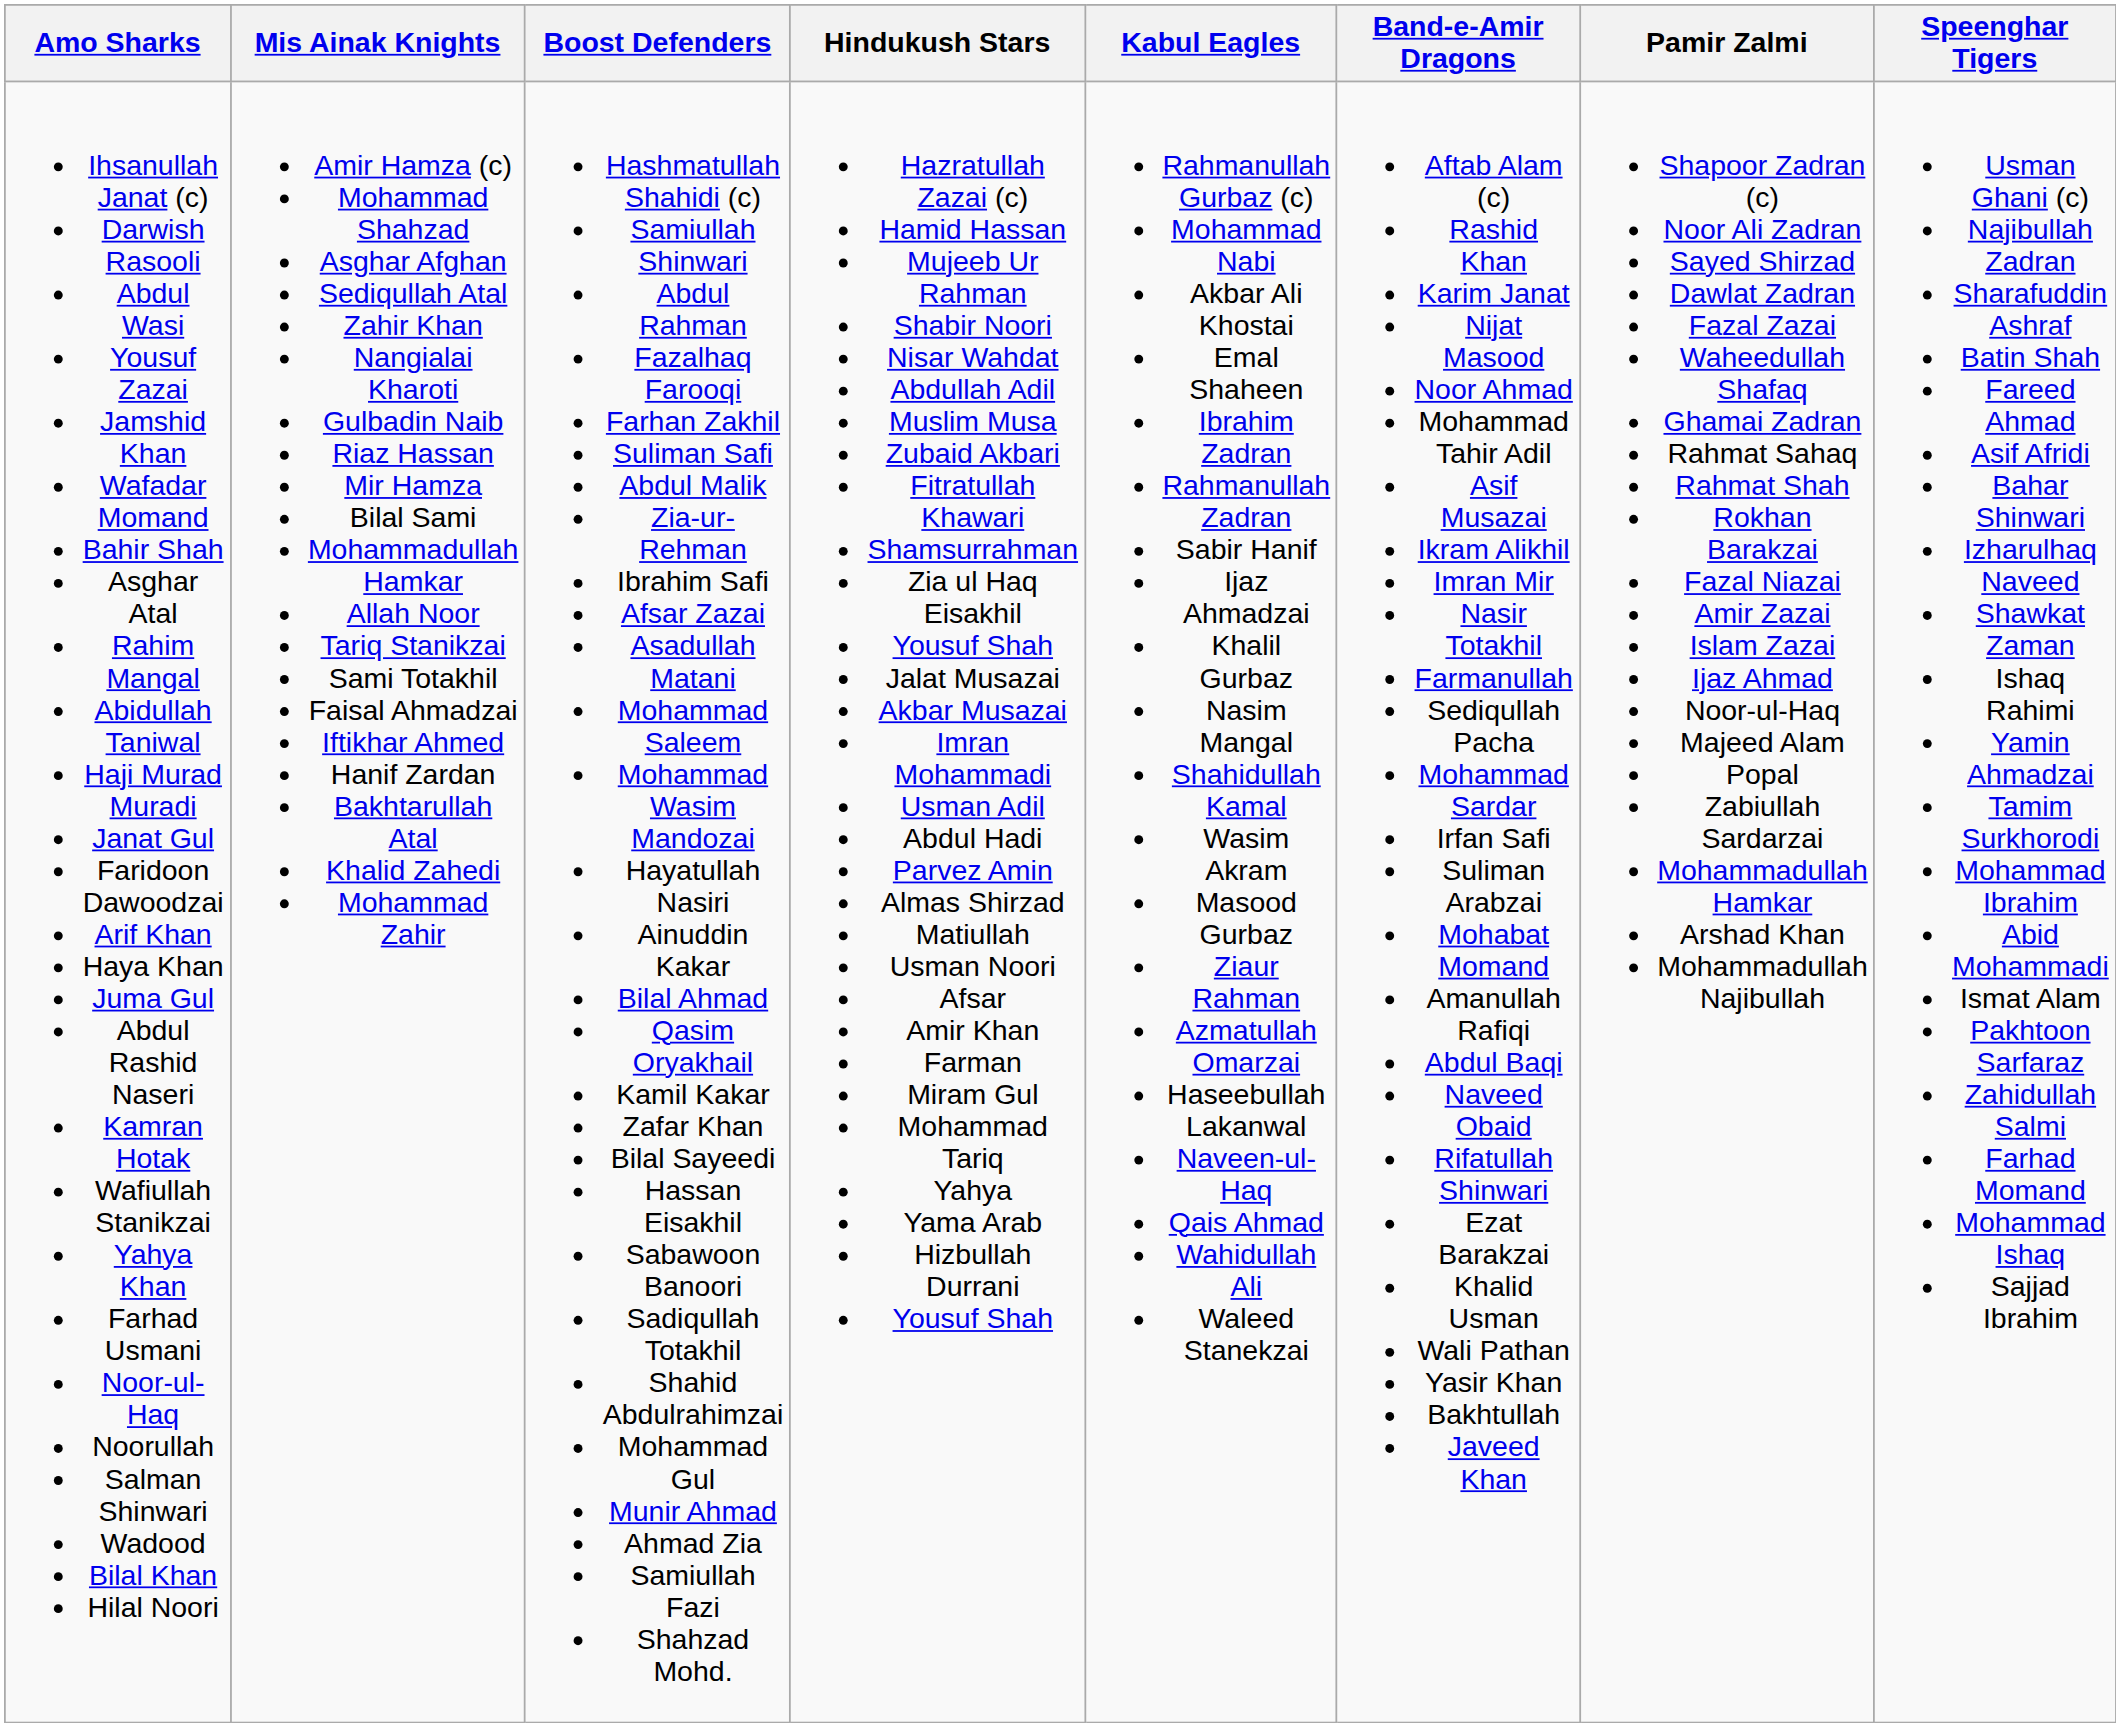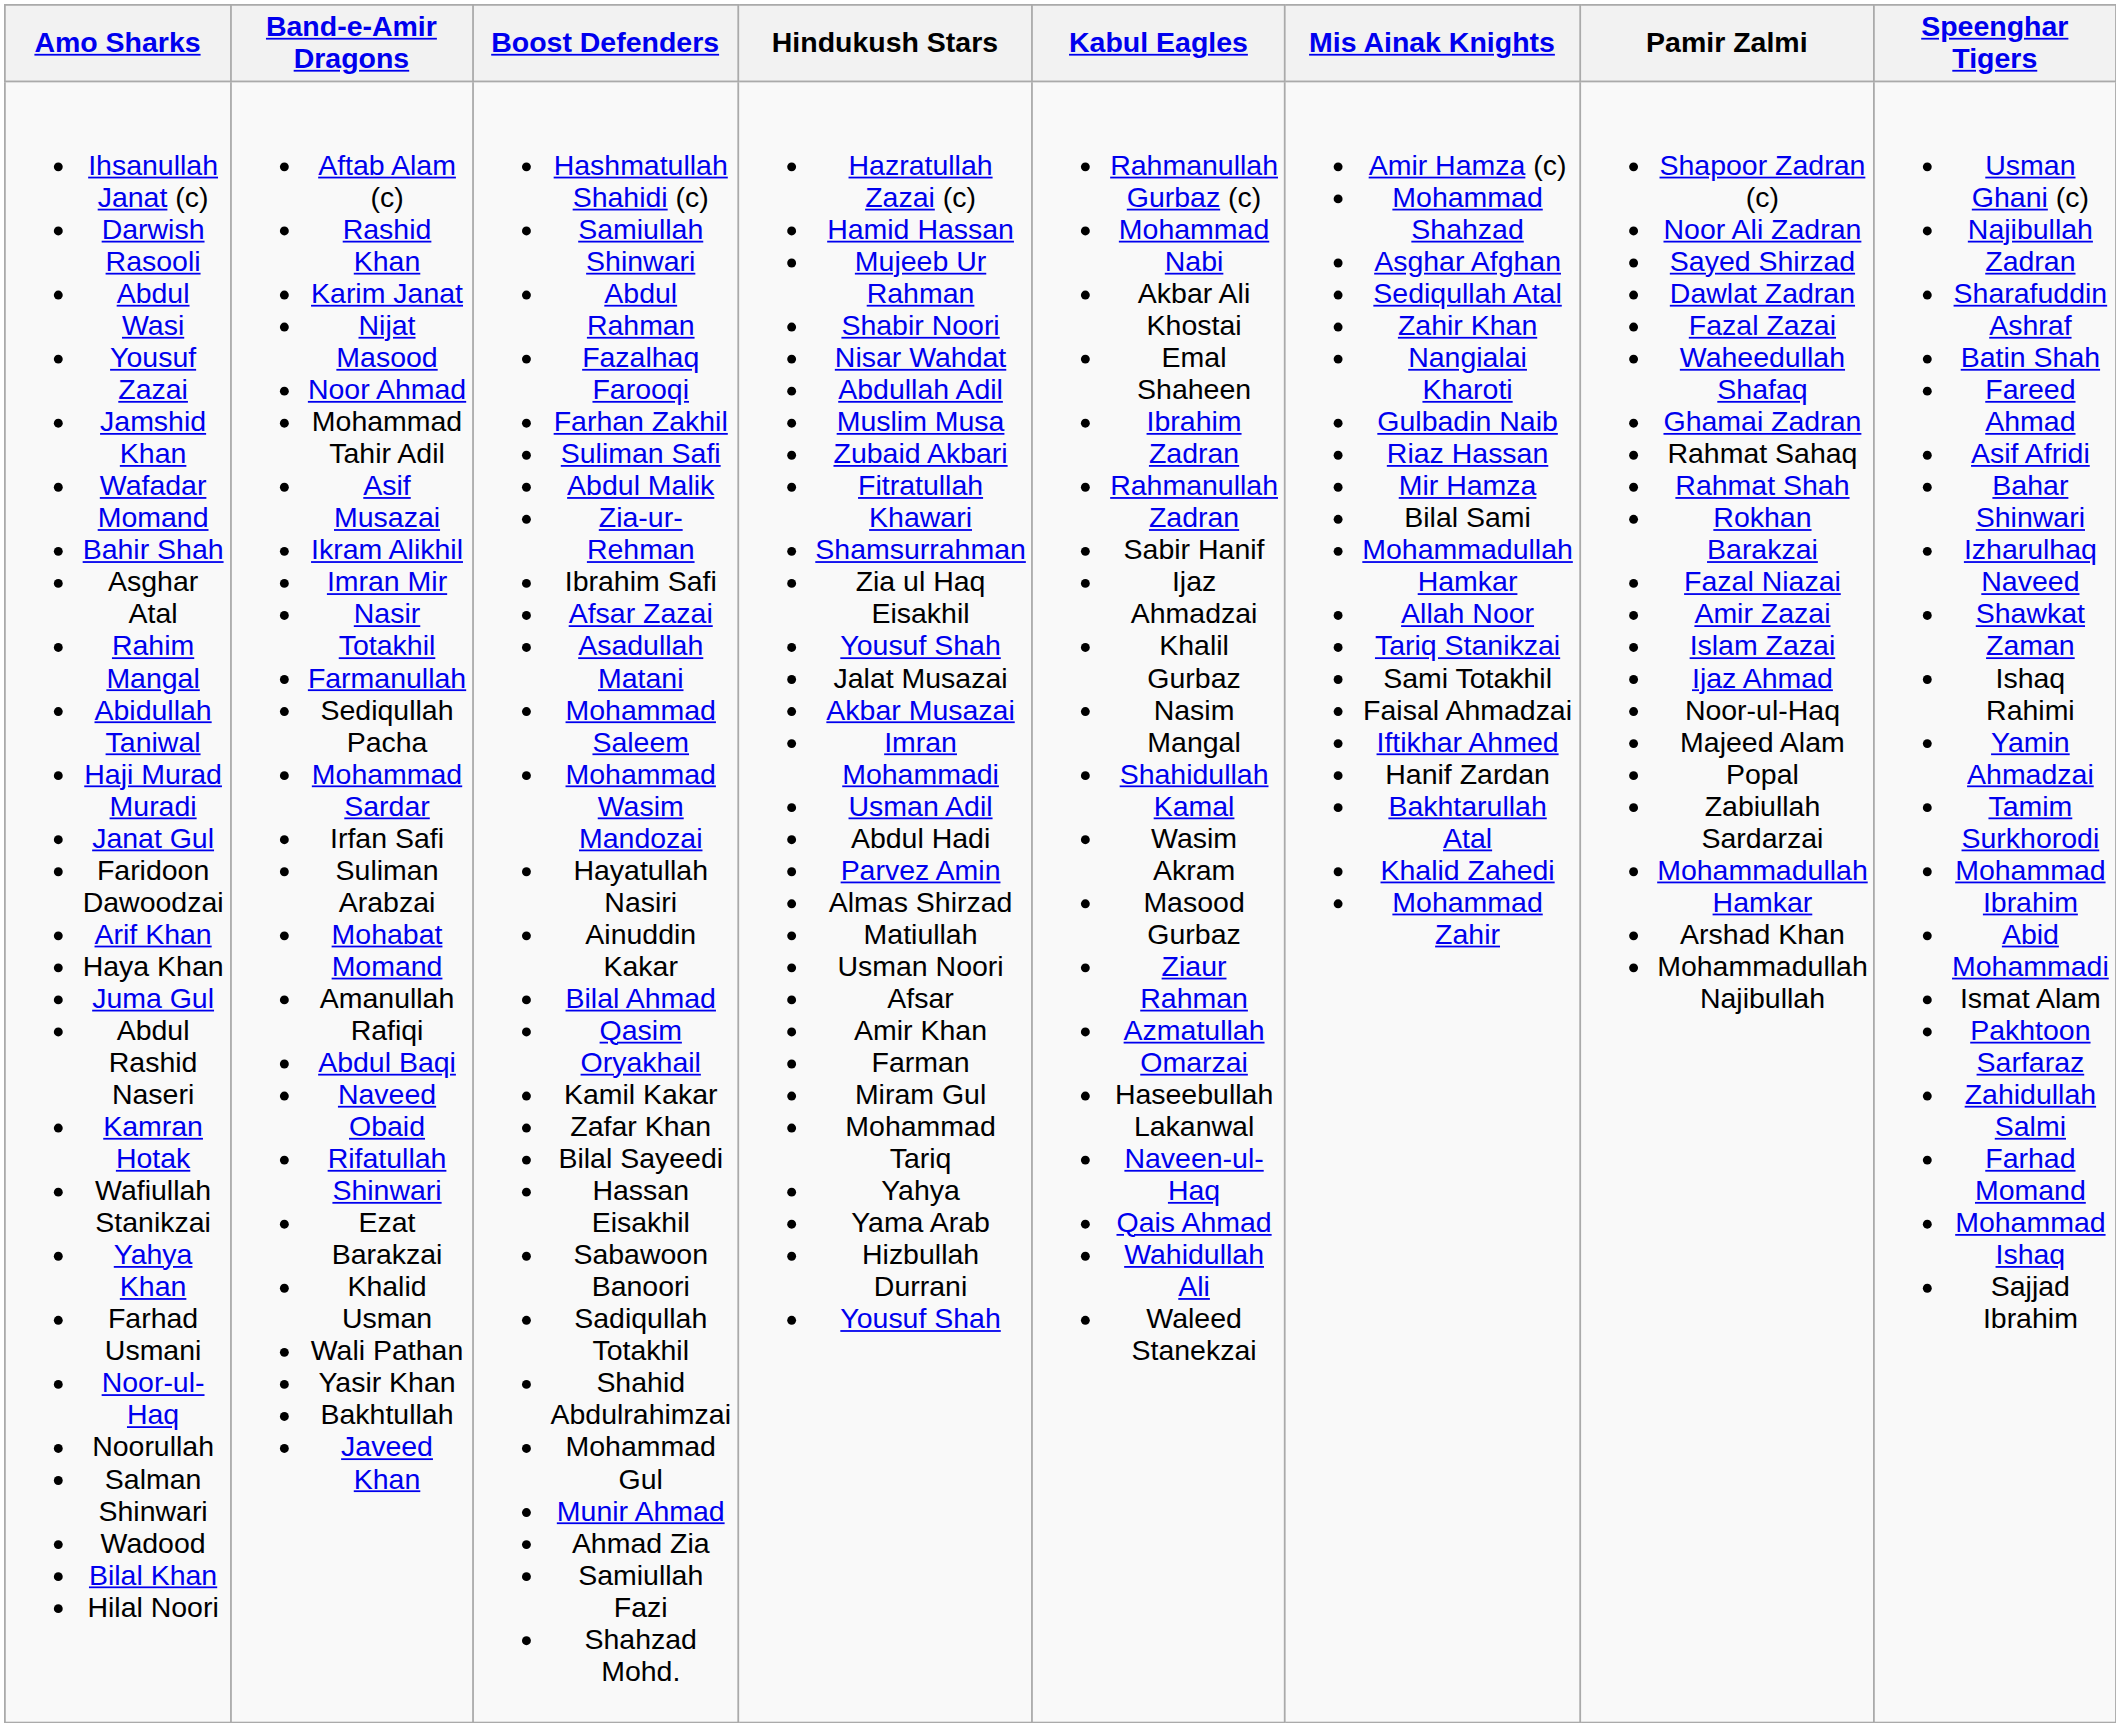 <table class="wikitable" style="text-align:center; margin:auto">
 <tr>
 <th><a href='#'>Amo Sharks</a></th>
-<th><a href='#'>Mis Ainak Knights</a></th>
+<th><a href='#'>Band-e-Amir Dragons</a></th>
 <th><a href='#'>Boost Defenders</a></th>
 <th>Hindukush Stars</th>
 <th><a href='#'>Kabul Eagles</a></th>
-<th><a href='#'>Band-e-Amir Dragons</a></th>
+<th><a href='#'>Mis Ainak Knights</a></th>
 <th>Pamir Zalmi</th>
 <th><a href='#'>Speenghar Tigers</a></th>
 </tr>
 <tr style="vertical-align:top">
 <td><br><ul><li><a href='#'>Ihsanullah Janat</a> (c)</li><li><a href='#'>Darwish Rasooli</a></li><li><a href='#'>Abdul Wasi</a></li><li><a href='#'>Yousuf Zazai</a></li><li><a href='#'>Jamshid Khan</a></li><li><a href='#'>Wafadar Momand</a></li><li><a href='#'>Bahir Shah</a></li><li>Asghar Atal</li><li><a href='#'>Rahim Mangal</a></li><li><a href='#'>Abidullah Taniwal</a></li><li><a href='#'>Haji Murad Muradi</a></li><li><a href='#'>Janat Gul</a></li><li>Faridoon Dawoodzai</li><li><a href='#'>Arif Khan</a></li><li>Haya Khan</li><li><a href='#'>Juma Gul</a></li><li>Abdul Rashid Naseri</li><li><a href='#'>Kamran Hotak</a></li><li>Wafiullah Stanikzai</li><li><a href='#'>Yahya Khan</a></li><li>Farhad Usmani</li><li><a href='#'>Noor-ul-Haq</a></li><li>Noorullah</li><li>Salman Shinwari</li><li>Wadood</li><li><a href='#'>Bilal Khan</a></li><li>Hilal Noori</li></ul></td>
-<td><br><ul><li><a href='#'>Amir Hamza</a> (c)</li><li><a href='#'>Mohammad Shahzad</a></li><li><a href='#'>Asghar Afghan</a></li><li><a href='#'>Sediqullah Atal</a></li><li><a href='#'>Zahir Khan</a></li><li><a href='#'>Nangialai Kharoti</a></li><li><a href='#'>Gulbadin Naib</a></li><li><a href='#'>Riaz Hassan</a></li><li><a href='#'>Mir Hamza</a></li><li>Bilal Sami</li><li><a href='#'>Mohammadullah Hamkar</a></li><li><a href='#'>Allah Noor</a></li><li><a href='#'>Tariq Stanikzai</a></li><li>Sami Totakhil</li><li>Faisal Ahmadzai</li><li><a href='#'>Iftikhar Ahmed</a></li><li>Hanif Zardan</li><li><a href='#'>Bakhtarullah Atal</a></li><li><a href='#'>Khalid Zahedi</a></li><li><a href='#'>Mohammad Zahir</a></li></ul></td>
+<td><br><ul><li><a href='#'>Aftab Alam</a> (c)</li><li><a href='#'>Rashid Khan</a></li><li><a href='#'>Karim Janat</a></li><li><a href='#'>Nijat Masood</a></li><li><a href='#'>Noor Ahmad</a></li><li>Mohammad Tahir Adil</li><li><a href='#'>Asif Musazai</a></li><li><a href='#'>Ikram Alikhil</a></li><li><a href='#'>Imran Mir</a></li><li><a href='#'>Nasir Totakhil</a></li><li><a href='#'>Farmanullah</a></li><li>Sediqullah Pacha</li><li><a href='#'>Mohammad Sardar</a></li><li>Irfan Safi</li><li>Suliman Arabzai</li><li><a href='#'>Mohabat Momand</a></li><li>Amanullah Rafiqi</li><li><a href='#'>Abdul Baqi</a></li><li><a href='#'>Naveed Obaid</a></li><li><a href='#'>Rifatullah Shinwari</a></li><li>Ezat Barakzai</li><li>Khalid Usman</li><li>Wali Pathan</li><li>Yasir Khan</li><li>Bakhtullah</li><li><a href='#'>Javeed Khan</a></li></ul></td>
 <td><br><ul><li><a href='#'>Hashmatullah Shahidi</a> (c)</li><li><a href='#'>Samiullah Shinwari</a></li><li><a href='#'>Abdul Rahman</a></li><li><a href='#'>Fazalhaq Farooqi</a></li><li><a href='#'>Farhan Zakhil</a></li><li><a href='#'>Suliman Safi</a></li><li><a href='#'>Abdul Malik</a></li><li><a href='#'>Zia-ur-Rehman</a></li><li>Ibrahim Safi</li><li><a href='#'>Afsar Zazai</a></li><li><a href='#'>Asadullah Matani</a></li><li><a href='#'>Mohammad Saleem</a></li><li><a href='#'>Mohammad Wasim Mandozai</a></li><li>Hayatullah Nasiri</li><li>Ainuddin Kakar</li><li><a href='#'>Bilal Ahmad</a></li><li><a href='#'>Qasim Oryakhail</a></li><li>Kamil Kakar</li><li>Zafar Khan</li><li>Bilal Sayeedi</li><li>Hassan Eisakhil</li><li>Sabawoon Banoori</li><li>Sadiqullah Totakhil</li><li>Shahid Abdulrahimzai</li><li>Mohammad Gul</li><li><a href='#'>Munir Ahmad</a></li><li>Ahmad Zia</li><li>Samiullah Fazi</li><li>Shahzad Mohd.</li></ul></td>
 <td><br><ul><li><a href='#'>Hazratullah Zazai</a> (c)</li><li><a href='#'>Hamid Hassan</a></li><li><a href='#'>Mujeeb Ur Rahman</a></li><li><a href='#'>Shabir Noori</a></li><li><a href='#'>Nisar Wahdat</a></li><li><a href='#'>Abdullah Adil</a></li><li><a href='#'>Muslim Musa</a></li><li><a href='#'>Zubaid Akbari</a></li><li><a href='#'>Fitratullah Khawari</a></li><li><a href='#'>Shamsurrahman</a></li><li>Zia ul Haq Eisakhil</li><li><a href='#'>Yousuf Shah</a></li><li>Jalat Musazai</li><li><a href='#'>Akbar Musazai</a></li><li><a href='#'>Imran Mohammadi</a></li><li><a href='#'>Usman Adil</a></li><li>Abdul Hadi</li><li><a href='#'>Parvez Amin</a></li><li>Almas Shirzad</li><li>Matiullah</li><li>Usman Noori</li><li>Afsar</li><li>Amir Khan</li><li>Farman</li><li>Miram Gul</li><li>Mohammad Tariq</li><li>Yahya</li><li>Yama Arab</li><li>Hizbullah Durrani</li><li><a href='#'>Yousuf Shah</a></li></ul></td>
 <td><br><ul><li><a href='#'>Rahmanullah Gurbaz</a> (c)</li><li><a href='#'>Mohammad Nabi</a></li><li>Akbar Ali Khostai</li><li>Emal Shaheen</li><li><a href='#'>Ibrahim Zadran</a></li><li><a href='#'>Rahmanullah Zadran</a></li><li>Sabir Hanif</li><li>Ijaz Ahmadzai</li><li>Khalil Gurbaz</li><li>Nasim Mangal</li><li><a href='#'>Shahidullah Kamal</a></li><li>Wasim Akram</li><li>Masood Gurbaz</li><li><a href='#'>Ziaur Rahman</a></li><li><a href='#'>Azmatullah Omarzai</a></li><li>Haseebullah Lakanwal</li><li><a href='#'>Naveen-ul-Haq</a></li><li><a href='#'>Qais Ahmad</a></li><li><a href='#'>Wahidullah Ali</a></li><li>Waleed Stanekzai</li></ul></td>
-<td><br><ul><li><a href='#'>Aftab Alam</a> (c)</li><li><a href='#'>Rashid Khan</a></li><li><a href='#'>Karim Janat</a></li><li><a href='#'>Nijat Masood</a></li><li><a href='#'>Noor Ahmad</a></li><li>Mohammad Tahir Adil</li><li><a href='#'>Asif Musazai</a></li><li><a href='#'>Ikram Alikhil</a></li><li><a href='#'>Imran Mir</a></li><li><a href='#'>Nasir Totakhil</a></li><li><a href='#'>Farmanullah</a></li><li>Sediqullah Pacha</li><li><a href='#'>Mohammad Sardar</a></li><li>Irfan Safi</li><li>Suliman Arabzai</li><li><a href='#'>Mohabat Momand</a></li><li>Amanullah Rafiqi</li><li><a href='#'>Abdul Baqi</a></li><li><a href='#'>Naveed Obaid</a></li><li><a href='#'>Rifatullah Shinwari</a></li><li>Ezat Barakzai</li><li>Khalid Usman</li><li>Wali Pathan</li><li>Yasir Khan</li><li>Bakhtullah</li><li><a href='#'>Javeed Khan</a></li></ul></td>
+<td><br><ul><li><a href='#'>Amir Hamza</a> (c)</li><li><a href='#'>Mohammad Shahzad</a></li><li><a href='#'>Asghar Afghan</a></li><li><a href='#'>Sediqullah Atal</a></li><li><a href='#'>Zahir Khan</a></li><li><a href='#'>Nangialai Kharoti</a></li><li><a href='#'>Gulbadin Naib</a></li><li><a href='#'>Riaz Hassan</a></li><li><a href='#'>Mir Hamza</a></li><li>Bilal Sami</li><li><a href='#'>Mohammadullah Hamkar</a></li><li><a href='#'>Allah Noor</a></li><li><a href='#'>Tariq Stanikzai</a></li><li>Sami Totakhil</li><li>Faisal Ahmadzai</li><li><a href='#'>Iftikhar Ahmed</a></li><li>Hanif Zardan</li><li><a href='#'>Bakhtarullah Atal</a></li><li><a href='#'>Khalid Zahedi</a></li><li><a href='#'>Mohammad Zahir</a></li></ul></td>
 <td><br><ul><li><a href='#'>Shapoor Zadran</a> (c)</li><li><a href='#'>Noor Ali Zadran</a></li><li><a href='#'>Sayed Shirzad</a></li><li><a href='#'>Dawlat Zadran</a></li><li><a href='#'>Fazal Zazai</a></li><li><a href='#'>Waheedullah Shafaq</a></li><li><a href='#'>Ghamai Zadran</a></li><li>Rahmat Sahaq</li><li><a href='#'>Rahmat Shah</a></li><li><a href='#'>Rokhan Barakzai</a></li><li><a href='#'>Fazal Niazai</a></li><li><a href='#'>Amir Zazai</a></li><li><a href='#'>Islam Zazai</a></li><li><a href='#'>Ijaz Ahmad</a></li><li>Noor-ul-Haq</li><li>Majeed Alam</li><li>Popal</li><li>Zabiullah Sardarzai</li><li><a href='#'>Mohammadullah Hamkar</a></li><li>Arshad Khan</li><li>Mohammadullah Najibullah</li></ul></td>
 <td><br><ul><li><a href='#'>Usman Ghani</a> (c)</li><li><a href='#'>Najibullah Zadran</a></li><li><a href='#'>Sharafuddin Ashraf</a></li><li><a href='#'>Batin Shah</a></li><li><a href='#'>Fareed Ahmad</a></li><li><a href='#'>Asif Afridi</a></li><li><a href='#'>Bahar Shinwari</a></li><li><a href='#'>Izharulhaq Naveed</a></li><li><a href='#'>Shawkat Zaman</a></li><li>Ishaq Rahimi</li><li><a href='#'>Yamin Ahmadzai</a></li><li><a href='#'>Tamim Surkhorodi</a></li><li><a href='#'>Mohammad Ibrahim</a></li><li><a href='#'>Abid Mohammadi</a></li><li>Ismat Alam</li><li><a href='#'>Pakhtoon Sarfaraz</a></li><li><a href='#'>Zahidullah Salmi</a></li><li><a href='#'>Farhad Momand</a></li><li><a href='#'>Mohammad Ishaq</a></li><li>Sajjad Ibrahim</li></ul></td>
 </tr>
 </table>
